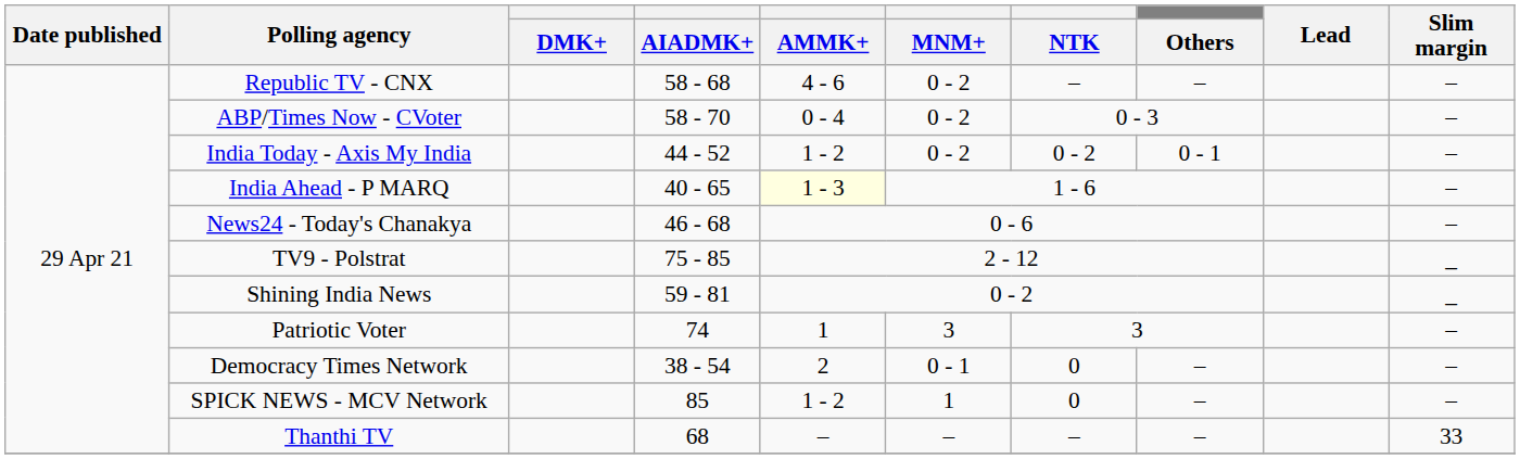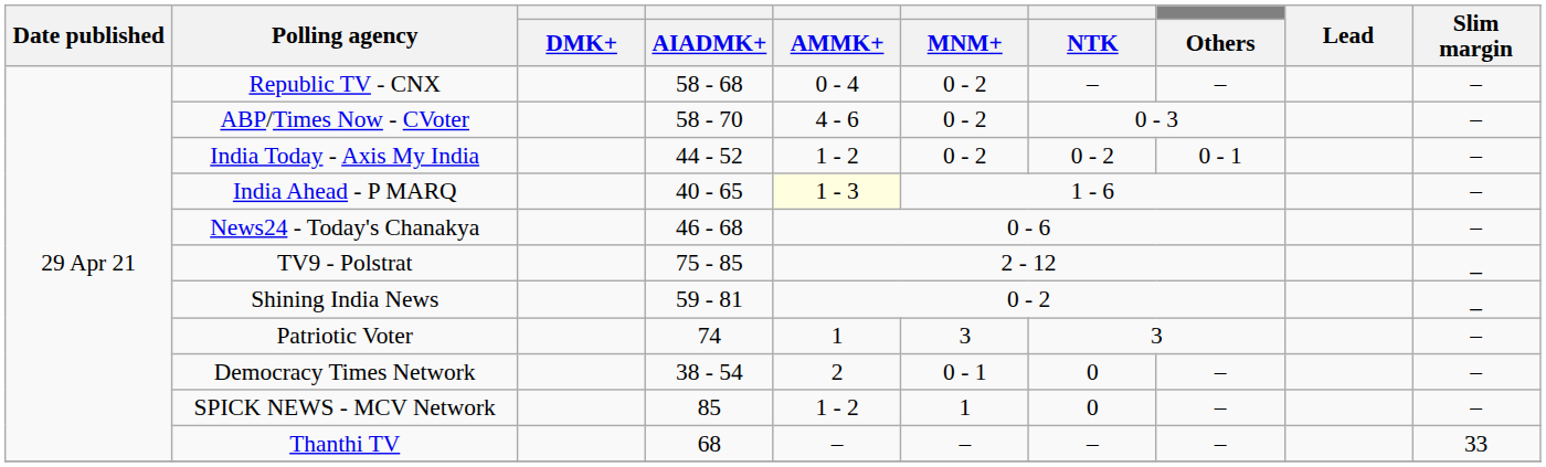 <table class="wikitable sortable" style="text-align:center;font-size:95%;line-height:16px">
 <tr>
 <th rowspan="2" width="100px">Date published</th>
 <th rowspan="2" width="215px">Polling agency</th>
 <th style="background:"></th>
 <th style="background:"></th>
 <th style="text-align:center; background:"></th>
 <th style="text-align:center; background:"></th>
 <th style="text-align:center; background:"></th>
 <td style="background:gray;"></td>
 <th rowspan="2" width="75px">Lead</th>
 <th rowspan="2" width="75px">Slim margin</th>
 </tr>
 <tr>
 <th style="width:75px;"><a href='#'>DMK+</a></th>
 <th style="width:75px;"><a href='#'>AIADMK+</a></th>
 <th style="width:75px;"><a href='#'>AMMK+</a></th>
 <th style="width:75px;"><a href='#'>MNM+</a></th>
 <th style="width:75px;"><a href='#'>NTK</a></th>
 <th style="width:75px;">Others</th>
 </tr>
 <tr>
 <td rowspan="12">29 Apr 21</td>
 <td><a href='#'>Republic TV</a> - CNX</td>
 <td style="background:"><strong></strong></td>
 <td>58 - 68</td>
-<td>4 - 6</td>
+<td>0 - 4</td>
 <td>0 - 2</td>
 <td>–</td>
 <td>–</td>
 <td style="background:"><strong></strong></td>
 <td>–</td>
 </tr>
 <tr>
 <td><a href='#'>ABP</a>/<a href='#'>Times Now</a> - <a href='#'>CVoter</a></td>
 <td style="background:"><strong></strong></td>
 <td>58 - 70</td>
-<td>0 - 4</td>
+<td>4 - 6</td>
 <td>0 - 2</td>
 <td colspan="2">0 - 3</td>
 <td style="background:"><strong></strong></td>
 <td>–</td>
 </tr>
 <tr>
 <td><a href='#'>India Today</a> - <a href='#'>Axis My India</a></td>
 <td style="background:"><strong></strong></td>
 <td>44 - 52</td>
 <td>1 - 2</td>
 <td>0 - 2</td>
 <td>0 - 2</td>
 <td>0 - 1</td>
 <td style="background:"><strong></strong></td>
 <td>–</td>
 </tr>
 <tr>
 <td><a href='#'>India Ahead</a> - P MARQ</td>
 <td style="background:"><strong></strong></td>
 <td>40 - 65</td>
 <td style="background: lightyellow;">1 - 3</td>
 <td colspan="3">1 - 6</td>
 <td style="background:"><strong></strong></td>
 <td>–</td>
 </tr>
 <tr>
 <td><a href='#'>News24</a> - Today's Chanakya</td>
 <td style="background:"><strong></strong></td>
 <td>46 - 68</td>
 <td colspan="4">0 - 6</td>
 <td style="background:"><strong></strong></td>
 <td>–</td>
 </tr>
 <tr>
 <td>TV9 - Polstrat</td>
 <td style="background:"><strong></strong></td>
 <td>75 - 85</td>
 <td colspan="4">2 - 12</td>
 <td style="background:"><strong></strong></td>
 <td>_</td>
 </tr>
 <tr>
 <td>Shining India News</td>
 <td style="background:"><strong></strong></td>
 <td>59 - 81</td>
 <td colspan="4">0 - 2</td>
 <td style="background:"><strong></strong></td>
 <td>_</td>
 </tr>
 <tr>
 <td>Patriotic Voter</td>
 <td style="background:"><strong></strong></td>
 <td>74</td>
 <td>1</td>
 <td>3</td>
 <td colspan="2">3</td>
 <td style="background:"><strong></strong></td>
 <td>–</td>
 </tr>
 <tr>
 <td>Democracy Times Network</td>
 <td style="background:"><strong></strong></td>
 <td>38 - 54</td>
 <td>2</td>
 <td>0 - 1</td>
 <td>0</td>
 <td>–</td>
 <td style="background:"><strong></strong></td>
 <td>–</td>
 </tr>
 <tr>
 <td>SPICK NEWS - MCV Network</td>
 <td style="background:"><strong></strong></td>
 <td>85</td>
 <td>1 - 2</td>
 <td>1</td>
 <td>0</td>
 <td>–</td>
 <td style="background:"><strong></strong></td>
 <td>–</td>
 </tr>
 <tr>
 <td><a href='#'>Thanthi TV</a></td>
 <td style="background:"><strong></strong></td>
 <td>68</td>
 <td>–</td>
 <td>–</td>
 <td>–</td>
 <td>–</td>
 <td style="background:"><strong></strong></td>
 <td>33</td>
 </tr>
 <tr>
 </tr>
 <tr>
 </tr>
 </table>
